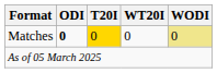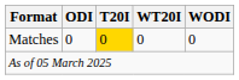 <table class="wikitable">
 <tr>
 <th>Format</th>
 <th>ODI</th>
 <th>T20I</th>
 <th>WT20I</th>
 <th>WODI</th>
 </tr>
 <tr>
 <td>Matches</td>
-<td><strong>0</strong></td>
+<td>0</td>
 <td style="background: gold;">0</td>
 <td>0</td>
-<td style="background: khaki;">0</td>
+<td>0</td>
 </tr>
 <tr>
 <td colspan="5"><em><small>As of 05 March 2025 </small></em></td>
 </tr>
 </table>
